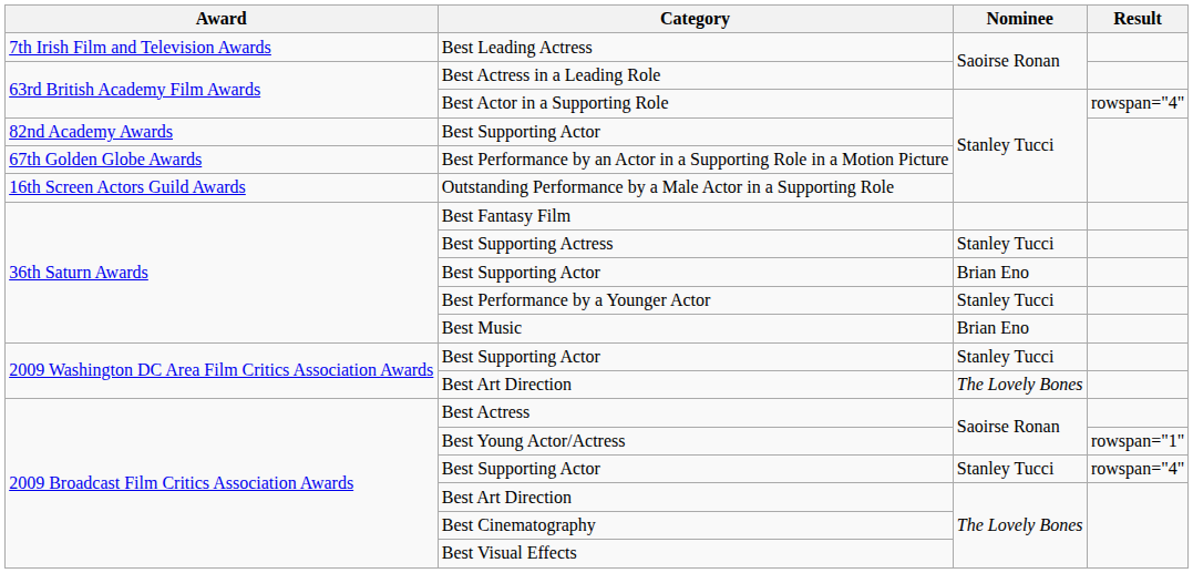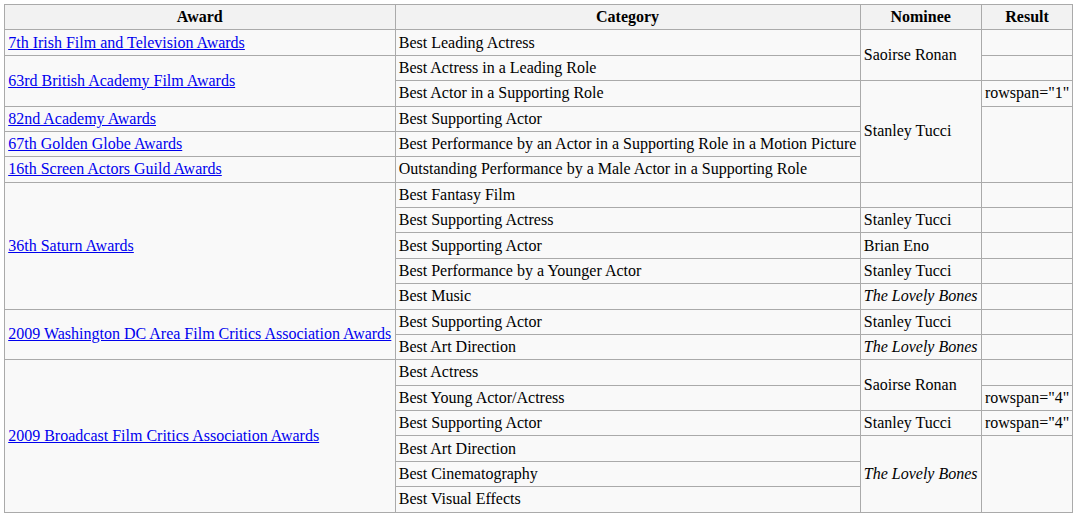 <table class="wikitable">
 <tr>
 <th>Award</th>
 <th>Category</th>
 <th>Nominee</th>
 <th>Result</th>
 </tr>
 <tr>
 <td><a href='#'>7th Irish Film and Television Awards</a></td>
 <td>Best Leading Actress</td>
 <td rowspan="2">Saoirse Ronan</td>
 <td></td>
 </tr>
 <tr>
 <td rowspan="2"><a href='#'>63rd British Academy Film Awards</a></td>
 <td>Best Actress in a Leading Role</td>
 <td></td>
 </tr>
 <tr>
 <td>Best Actor in a Supporting Role</td>
 <td rowspan="4">Stanley Tucci</td>
-<td>rowspan="4" </td>
+<td>rowspan="1" </td>
 </tr>
 <tr>
 <td><a href='#'>82nd Academy Awards</a></td>
 <td>Best Supporting Actor</td>
 </tr>
 <tr>
 <td><a href='#'>67th Golden Globe Awards</a></td>
 <td>Best Performance by an Actor in a Supporting Role in a Motion Picture</td>
 </tr>
 <tr>
 <td><a href='#'>16th Screen Actors Guild Awards</a></td>
 <td>Outstanding Performance by a Male Actor in a Supporting Role</td>
 </tr>
 <tr>
 <td rowspan="5"><a href='#'>36th Saturn Awards</a></td>
 <td>Best Fantasy Film</td>
 <td></td>
 <td></td>
 </tr>
 <tr>
 <td>Best Supporting Actress</td>
 <td>Stanley Tucci</td>
 <td></td>
 </tr>
 <tr>
 <td>Best Supporting Actor</td>
 <td>Brian Eno</td>
 <td></td>
 </tr>
 <tr>
 <td>Best Performance by a Younger Actor</td>
 <td>Stanley Tucci</td>
 <td></td>
 </tr>
 <tr>
 <td>Best Music</td>
-<td>Brian Eno</td>
+<td><em>The Lovely Bones</em></td>
 <td></td>
 </tr>
 <tr>
 <td rowspan="2"><a href='#'>2009 Washington DC Area Film Critics Association Awards</a></td>
 <td>Best Supporting Actor</td>
 <td>Stanley Tucci</td>
 <td></td>
 </tr>
 <tr>
 <td>Best Art Direction</td>
 <td><em>The Lovely Bones</em></td>
 <td></td>
 </tr>
 <tr>
 <td rowspan="6"><a href='#'>2009 Broadcast Film Critics Association Awards</a></td>
 <td rowpsan="2">Best Actress</td>
 <td rowspan="2">Saoirse Ronan</td>
 <td></td>
 </tr>
 <tr>
 <td>Best Young Actor/Actress</td>
-<td>rowspan="1" </td>
+<td>rowspan="4" </td>
 </tr>
 <tr>
 <td>Best Supporting Actor</td>
 <td>Stanley Tucci</td>
 <td>rowspan="4" </td>
 </tr>
 <tr>
 <td>Best Art Direction</td>
 <td rowspan="3"><em>The Lovely Bones</em></td>
 </tr>
 <tr>
 <td>Best Cinematography</td>
 </tr>
 <tr>
 <td>Best Visual Effects</td>
 </tr>
 </table>
